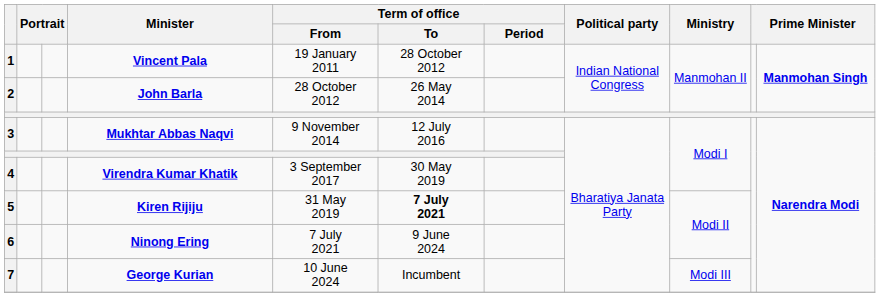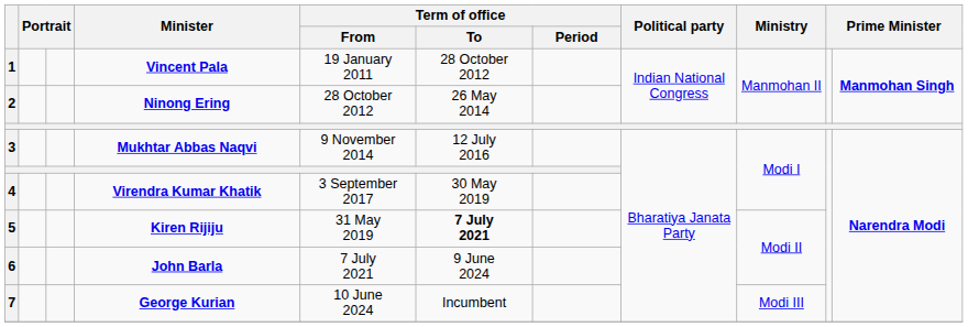 <table class="wikitable" style="text-align:center">
 <tr>
 <th rowspan="2"></th>
 <th rowspan="2" colspan="2">Portrait</th>
 <th rowspan="2" style="width:16em">Minister<br></th>
 <th colspan="3">Term of office</th>
 <th rowspan="2" style="width:8em">Political party</th>
 <th rowspan="2" style="width:6em">Ministry</th>
 <th rowspan="2" colspan="2">Prime Minister</th>
 </tr>
 <tr>
 <th style="width:8em">From</th>
 <th style="width:8em">To</th>
 <th style="width:6em">Period</th>
 </tr>
 <tr>
 <th>1</th>
 <td></td>
 <td></td>
 <td><strong><a href='#'>Vincent Pala</a></strong><br></td>
 <td>19 January<br>2011</td>
 <td>28 October<br>2012</td>
 <td><strong></strong></td>
 <td rowspan="2"><a href='#'>Indian National Congress</a></td>
 <td rowspan="2"><a href='#'>Manmohan II</a></td>
 <td rowspan="2"></td>
 <td rowspan="2" style="width:9em"><strong><a href='#'>Manmohan Singh</a></strong></td>
 </tr>
 <tr>
 <th>2</th>
 <td></td>
 <td></td>
-<td><strong><a href='#'>John Barla</a></strong><br></td>
+<td><strong><a href='#'>Ninong Ering</a></strong><br></td>
 <td>28 October<br>2012</td>
 <td>26 May<br>2014</td>
 <td><strong></strong></td>
 </tr>
 <tr>
 <th colspan="11"></th>
 </tr>
 <tr>
 <th>3</th>
 <td></td>
 <td></td>
 <td><strong><a href='#'>Mukhtar Abbas Naqvi</a></strong><br></td>
 <td>9 November<br>2014</td>
 <td>12 July<br>2016</td>
 <td><strong></strong></td>
 <td rowspan="6"><a href='#'>Bharatiya Janata Party</a></td>
 <td rowspan="3"><a href='#'>Modi I</a></td>
 <td rowspan="6"></td>
 <td rowspan="6"><strong><a href='#'>Narendra Modi</a></strong></td>
 </tr>
 <tr>
 <th colspan="7"></th>
 </tr>
 <tr>
 <th>4</th>
 <td></td>
 <td></td>
 <td><strong><a href='#'>Virendra Kumar Khatik</a></strong><br></td>
 <td>3 September<br>2017</td>
 <td>30 May<br>2019</td>
 <td><strong></strong></td>
 </tr>
 <tr>
 <th>5</th>
 <td></td>
 <td></td>
 <td><strong><a href='#'>Kiren Rijiju</a></strong><br></td>
 <td>31 May<br>2019</td>
 <td><strong>7 July<br>2021</strong></td>
 <td><strong></strong></td>
 <td rowspan="2"><a href='#'>Modi II</a></td>
 </tr>
 <tr>
 <th>6</th>
 <td></td>
 <td></td>
-<td><strong><a href='#'>Ninong Ering</a></strong><br></td>
+<td><strong><a href='#'>John Barla</a></strong><br></td>
 <td>7 July<br>2021</td>
 <td>9 June<br>2024</td>
 <td><strong></strong></td>
 </tr>
 <tr>
 <th>7</th>
 <td></td>
 <td></td>
 <td><strong><a href='#'>George Kurian</a></strong><br></td>
 <td>10 June<br>2024</td>
 <td>Incumbent</td>
 <td><strong></strong></td>
 <td><a href='#'>Modi III</a></td>
 </tr>
 <tr>
 </tr>
 </table>
